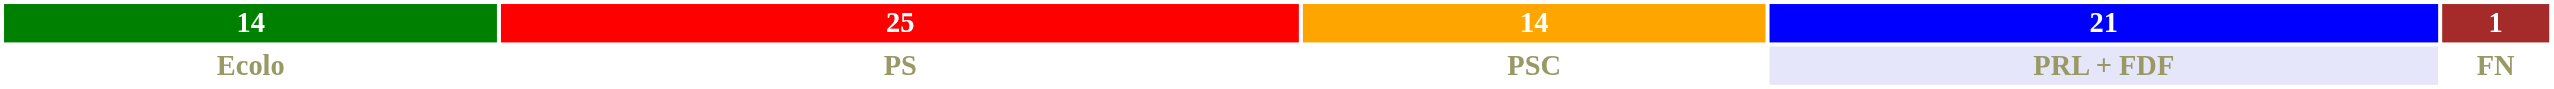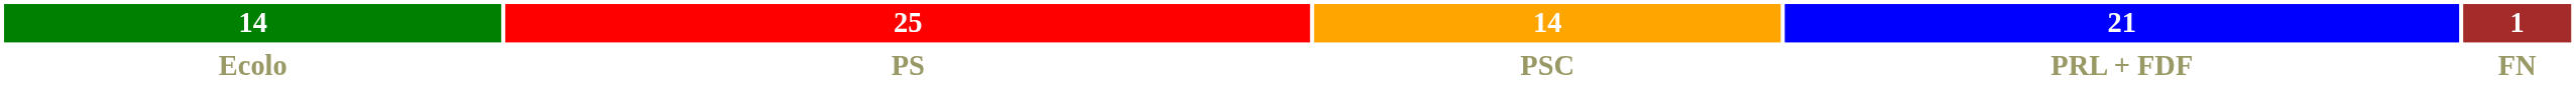 <table style="width:100%; font-size:88%; text-align:center;">
 <tr style="font-weight:bold">
 <td style="background:green; width:18.22%; color:white">14</td>
 <td style="background:red; width:29.44%; color:white">25</td>
 <td style="background:orange; width:17.07%; color:white">14</td>
 <td style="background:blue; width:24.69%; color:white">21</td>
 <td style="background:brown; width:3.95%; color:white">1</td>
 </tr>
 <tr style="font-weight:bold; color:#996;">
 <td>Ecolo</td>
 <td>PS</td>
 <td>PSC</td>
-<td style="background: lavender;">PRL + FDF</td>
+<td>PRL + FDF</td>
 <td>FN</td>
 </tr>
 </table>
